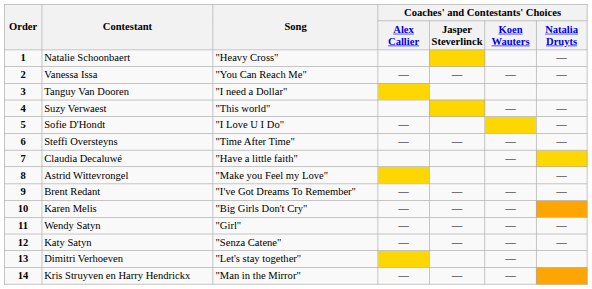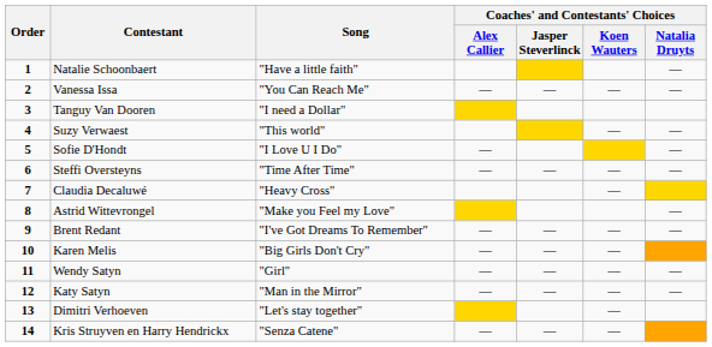 <table class="wikitable" style="width:100%;">
 <tr>
 <th rowspan=2>Order</th>
 <th rowspan=2>Contestant</th>
 <th rowspan=2>Song</th>
 <th colspan=4>Coaches' and Contestants' Choices</th>
 </tr>
 <tr>
 <th width="70"><a href='#'>Alex Callier</a></th>
 <th width="70">Jasper Steverlinck</th>
 <th width="70"><a href='#'>Koen Wauters</a></th>
 <th width="70"><a href='#'>Natalia Druyts</a></th>
 </tr>
 <tr>
 <td align="center"><strong>1</strong></td>
 <td>Natalie Schoonbaert</td>
-<td>"Heavy Cross"</td>
+<td>"Have a little faith"</td>
 <td style="text-align:center;"></td>
 <td style="background:gold;text-align:center;"></td>
 <td style="text-align:center;"></td>
 <td align="center">—</td>
 </tr>
 <tr>
 <td align="center"><strong>2</strong></td>
 <td>Vanessa Issa</td>
 <td>"You Can Reach Me"</td>
 <td align="center">—</td>
 <td align="center">—</td>
 <td align="center">—</td>
 <td align="center">—</td>
 </tr>
 <tr>
 <td align="center"><strong>3</strong></td>
 <td>Tanguy Van Dooren</td>
 <td>"I need a Dollar"</td>
 <td style="background:gold;text-align:center;"></td>
 <td style="text-align:center;"></td>
 <td style="text-align:center;"></td>
 <td style="text-align:center;"></td>
 </tr>
 <tr>
 <td align="center"><strong>4</strong></td>
 <td>Suzy Verwaest</td>
 <td>"This world"</td>
 <td style="text-align:center;"></td>
 <td style="background:gold;text-align:center;"></td>
 <td align="center">—</td>
 <td align="center">—</td>
 </tr>
 <tr>
 <td align="center"><strong>5</strong></td>
 <td>Sofie D'Hondt</td>
 <td>"I Love U I Do"</td>
 <td align="center">—</td>
 <td style="text-align:center;"></td>
 <td style="background:gold;text-align:center;"></td>
 <td align="center">—</td>
 </tr>
 <tr>
 <td align="center"><strong>6</strong></td>
 <td>Steffi Oversteyns</td>
 <td>"Time After Time"</td>
 <td align="center">—</td>
 <td align="center">—</td>
 <td align="center">—</td>
 <td align="center">—</td>
 </tr>
 <tr>
 <td align="center"><strong>7</strong></td>
 <td>Claudia Decaluwé</td>
-<td>"Have a little faith"</td>
+<td>"Heavy Cross"</td>
 <td style="text-align:center;"></td>
 <td style="text-align:center;"></td>
 <td align="center">—</td>
 <td style="background:gold;text-align:center;"></td>
 </tr>
 <tr>
 <td align="center"><strong>8</strong></td>
 <td>Astrid Wittevrongel</td>
 <td>"Make you Feel my Love"</td>
 <td style="background:gold;text-align:center;"></td>
 <td style="text-align:center;"></td>
 <td style="text-align:center;"></td>
 <td align="center">—</td>
 </tr>
 <tr>
 <td align="center"><strong>9</strong></td>
 <td>Brent Redant</td>
 <td>"I've Got Dreams To Remember"</td>
 <td align="center">—</td>
 <td align="center">—</td>
 <td align="center">—</td>
 <td align="center">—</td>
 </tr>
 <tr>
 <td align="center"><strong>10</strong></td>
 <td>Karen Melis</td>
 <td>"Big Girls Don't Cry"</td>
 <td align="center">—</td>
 <td align="center">—</td>
 <td align="center">—</td>
 <td style="background:orange;text-align:center;"></td>
 </tr>
 <tr>
 <td align="center"><strong>11</strong></td>
 <td>Wendy Satyn</td>
 <td>"Girl"</td>
 <td align="center">—</td>
 <td align="center">—</td>
 <td align="center">—</td>
 <td align="center">—</td>
 </tr>
 <tr>
 <td align="center"><strong>12</strong></td>
 <td>Katy Satyn</td>
-<td>"Senza Catene"</td>
+<td>"Man in the Mirror"</td>
 <td align="center">—</td>
 <td align="center">—</td>
 <td align="center">—</td>
 <td align="center">—</td>
 </tr>
 <tr>
 <td align="center"><strong>13</strong></td>
 <td>Dimitri Verhoeven</td>
 <td>"Let's stay together"</td>
 <td style="background:gold;text-align:center;"></td>
 <td style="text-align:center;"></td>
 <td align="center">—</td>
 <td style="text-align:center;"></td>
 </tr>
 <tr>
 <td align="center"><strong>14</strong></td>
 <td>Kris Struyven en Harry Hendrickx</td>
-<td>"Man in the Mirror"</td>
+<td>"Senza Catene"</td>
 <td align="center">—</td>
 <td align="center">—</td>
 <td align="center">—</td>
 <td style="background:orange;text-align:center;"></td>
 </tr>
 </table>
